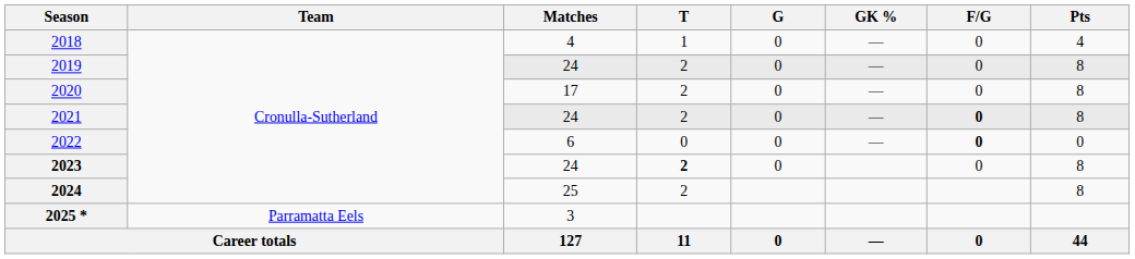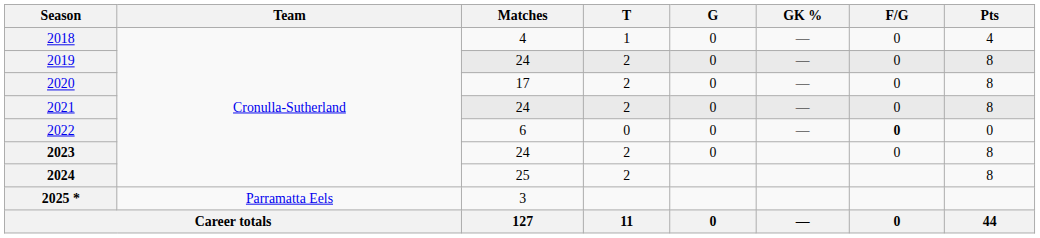 <table class="wikitable sortable"  style="font-size:90%; text-align:center; width:85%;">
 <tr>
 <th width=2%>Season</th>
 <th width=8%>Team</th>
 <th width=2%>Matches</th>
 <th width=2%>T</th>
 <th width=2%>G</th>
 <th width=2%>GK %</th>
 <th width=2%>F/G</th>
 <th width=2%>Pts</th>
 </tr>
 <tr>
 <th scope="row" style="text-align:center; font-weight:normal"><a href='#'>2018</a></th>
 <td rowspan="7" style="text-align:center;"> <a href='#'>Cronulla-Sutherland</a></td>
 <td>4</td>
 <td>1</td>
 <td>0</td>
 <td>—</td>
 <td>0</td>
 <td>4</td>
 </tr>
 <tr style="background:#eaeaea;">
 <th scope="row" style="text-align:center; font-weight:normal"><a href='#'>2019</a></th>
 <td>24</td>
 <td>2</td>
 <td>0</td>
 <td>—</td>
 <td>0</td>
 <td>8</td>
 </tr>
 <tr>
 <th scope="row" style="text-align:center; font-weight:normal"><a href='#'>2020</a></th>
 <td>17</td>
 <td>2</td>
 <td>0</td>
 <td>—</td>
 <td>0</td>
 <td>8</td>
 </tr>
 <tr style="background:#eaeaea;">
 <th scope="row" style="text-align:center; font-weight:normal"><a href='#'>2021</a></th>
 <td>24</td>
 <td>2</td>
 <td>0</td>
 <td>—</td>
-<td><strong>0</strong></td>
+<td>0</td>
 <td>8</td>
 </tr>
 <tr>
 <th scope="row" style="text-align:center; font-weight:normal"><a href='#'>2022</a></th>
 <td>6</td>
 <td>0</td>
 <td>0</td>
 <td>—</td>
 <td><strong>0</strong></td>
 <td>0</td>
 </tr>
 <tr>
 <th>2023</th>
 <td>24</td>
-<td><strong>2</strong></td>
+<td>2</td>
 <td>0</td>
 <td></td>
 <td>0</td>
 <td>8</td>
 </tr>
 <tr>
 <th>2024</th>
 <td>25</td>
 <td>2</td>
 <td></td>
 <td></td>
 <td></td>
 <td>8</td>
 </tr>
 <tr>
 <th>2025 *</th>
 <td> <a href='#'>Parramatta Eels</a></td>
 <td>3</td>
 <td></td>
 <td></td>
 <td></td>
 <td></td>
 <td></td>
 </tr>
 <tr class="sortbottom">
 <th colspan="2">Career totals</th>
 <th>127</th>
 <th>11</th>
 <th>0</th>
 <th>—</th>
 <th>0</th>
 <th>44</th>
 </tr>
 </table>
